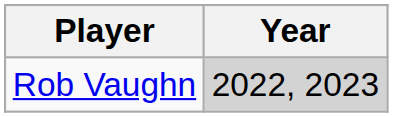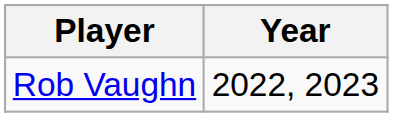 <table class="wikitable">
 <tr>
 <th scope="col">Player</th>
 <th scope="col">Year</th>
 </tr>
 <tr>
 <td><a href='#'>Rob Vaughn</a></td>
-<td style="background: lightgrey;">2022, 2023</td>
+<td>2022, 2023</td>
 </tr>
 </table>
